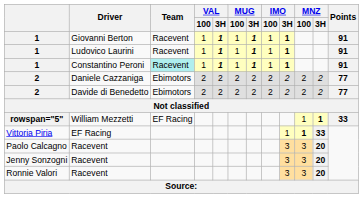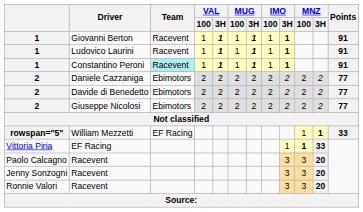 <table class="wikitable" style="font-size:85%; vertical-align:top; text-align:center">
 <tr>
 <th rowspan="2"></th>
 <th rowspan="2">Driver</th>
 <th rowspan="2">Team</th>
 <th colspan="2"><a href='#'>VAL</a><br></th>
 <th colspan="2"><a href='#'>MUG</a><br></th>
 <th colspan="2"><a href='#'>IMO</a><br></th>
 <th colspan="2"><a href='#'>MNZ</a><br></th>
 <th rowspan="2">Points</th>
 </tr>
 <tr>
 <th>100</th>
 <th>3H</th>
 <th>100</th>
 <th>3H</th>
 <th>100</th>
 <th>3H</th>
 <th>100</th>
 <th>3H</th>
 </tr>
 <tr>
 <th>1</th>
 <td style="text-align:left"> Giovanni Berton</td>
 <td style="text-align:left"> Racevent</td>
 <td style="background:#FFFFBF">1</td>
 <td style="background:#FFFFBF"><strong><em>1</em></strong></td>
 <td style="background:#FFFFBF">1</td>
 <td style="background:#FFFFBF"><strong><em>1</em></strong></td>
 <td style="background:#FFFFBF">1</td>
 <td style="background:#FFFFBF"><strong>1</strong></td>
 <td style="background:#"></td>
 <td style="background:#"></td>
 <th>91</th>
 </tr>
 <tr>
 <th>1</th>
 <td style="text-align:left"> Ludovico Laurini</td>
 <td style="text-align:left"> Racevent</td>
 <td style="background:#FFFFBF">1</td>
 <td style="background:#FFFFBF"><strong><em>1</em></strong></td>
 <td style="background:#FFFFBF">1</td>
 <td style="background:#FFFFBF"><strong><em>1</em></strong></td>
 <td style="background:#FFFFBF">1</td>
 <td style="background:#FFFFBF"><strong>1</strong></td>
 <td style="background:#"></td>
 <td style="background:#"></td>
 <th>91</th>
 </tr>
 <tr>
 <th>1</th>
 <td style="text-align:left"> Constantino Peroni</td>
 <td style="background: paleturquoise; text-align:left"> Racevent</td>
 <td style="background:#FFFFBF">1</td>
 <td style="background:#FFFFBF"><strong><em>1</em></strong></td>
 <td style="background:#FFFFBF">1</td>
 <td style="background:#FFFFBF"><strong><em>1</em></strong></td>
 <td style="background:#FFFFBF">1</td>
 <td style="background:#FFFFBF"><strong>1</strong></td>
 <td style="background:#"></td>
 <td style="background:#"></td>
 <th>91</th>
 </tr>
 <tr>
 <th>2</th>
 <td style="text-align:left"> Daniele Cazzaniga</td>
 <td style="text-align:left"> Ebimotors</td>
 <td style="background:#DFDFDF">2</td>
 <td style="background:#DFDFDF">2</td>
 <td style="background:#DFDFDF">2</td>
 <td style="background:#DFDFDF">2</td>
 <td style="background:#DFDFDF">2</td>
 <td style="background:#DFDFDF"><em>2</em></td>
 <td style="background:#DFDFDF">2</td>
 <td style="background:#DFDFDF"><em>2</em></td>
 <th>77</th>
 </tr>
 <tr>
 <th>2</th>
 <td style="text-align:left"> Davide di Benedetto</td>
 <td style="text-align:left"> Ebimotors</td>
 <td style="background:#DFDFDF">2</td>
 <td style="background:#DFDFDF">2</td>
 <td style="background:#DFDFDF">2</td>
 <td style="background:#DFDFDF">2</td>
 <td style="background:#DFDFDF">2</td>
 <td style="background:#DFDFDF"><em>2</em></td>
 <td style="background:#DFDFDF">2</td>
 <td style="background:#DFDFDF"><em>2</em></td>
 <th>77</th>
 </tr>
 <tr>
+<th>2</th>
+<td style="text-align:left"> Giuseppe Nicolosi</td>
+<td style="text-align:left"> Ebimotors</td>
+<td style="background:#DFDFDF">2</td>
+<td style="background:#DFDFDF">2</td>
+<td style="background:#DFDFDF">2</td>
+<td style="background:#DFDFDF">2</td>
+<td style="background:#DFDFDF">2</td>
+<td style="background:#DFDFDF"><em>2</em></td>
+<td style="background:#DFDFDF">2</td>
+<td style="background:#DFDFDF"><em>2</em></td>
+<th>77</th>
+</tr>
+<tr>
 <th colspan="12">Not classified</th>
 </tr>
 <tr>
 <th>rowspan="5" </th>
 <td style="text-align:left"> William Mezzetti</td>
 <td style="text-align:left"> EF Racing</td>
 <td style="background:#"></td>
 <td style="background:#"></td>
 <td style="background:#"></td>
 <td style="background:#"></td>
 <td style="background:#"></td>
 <td style="background:#"></td>
 <td style="background:#FFFFBF">1</td>
 <td style="background:#FFFFBF"><strong>1</strong></td>
 <th>33</th>
 </tr>
 <tr>
 <td style="text-align:left"> <a href='#'>Vittoria Piria</a></td>
 <td style="text-align:left"> EF Racing</td>
 <td style="background:#"></td>
 <td style="background:#"></td>
 <td style="background:#"></td>
 <td style="background:#"></td>
 <td style="background:#"></td>
 <td style="background:#"></td>
 <td style="background:#FFFFBF">1</td>
 <td style="background:#FFFFBF"><strong>1</strong></td>
 <th>33</th>
 </tr>
 <tr>
 <td style="text-align:left"> Paolo Calcagno</td>
 <td style="text-align:left"> Racevent</td>
 <td style="background:#"></td>
 <td style="background:#"></td>
 <td style="background:#"></td>
 <td style="background:#"></td>
 <td style="background:#"></td>
 <td style="background:#"></td>
 <td style="background:#FFDF9F">3</td>
 <td style="background:#FFDF9F">3</td>
 <th>20</th>
 </tr>
 <tr>
 <td style="text-align:left"> Jenny Sonzogni</td>
 <td style="text-align:left"> Racevent</td>
 <td style="background:#"></td>
 <td style="background:#"></td>
 <td style="background:#"></td>
 <td style="background:#"></td>
 <td style="background:#"></td>
 <td style="background:#"></td>
 <td style="background:#FFDF9F">3</td>
 <td style="background:#FFDF9F">3</td>
 <th>20</th>
 </tr>
 <tr>
 <td style="text-align:left"> Ronnie Valori</td>
 <td style="text-align:left"> Racevent</td>
 <td style="background:#"></td>
 <td style="background:#"></td>
 <td style="background:#"></td>
 <td style="background:#"></td>
 <td style="background:#"></td>
 <td style="background:#"></td>
 <td style="background:#FFDF9F">3</td>
 <td style="background:#FFDF9F">3</td>
 <th>20</th>
 </tr>
 <tr>
 <th colspan="12">Source:</th>
 </tr>
 </table>
